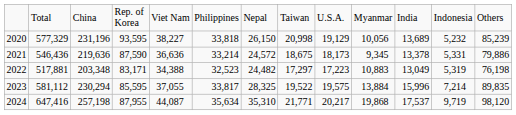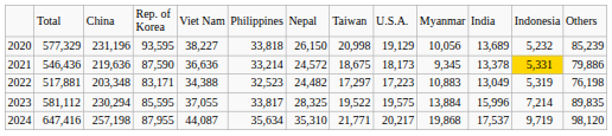 <table class="wikitable">
 <tr>
 <td>　</td>
 <td>Total</td>
 <td>China</td>
 <td>Rep. of<br>Korea</td>
 <td>Viet Nam</td>
 <td>Philippines</td>
 <td>Nepal</td>
 <td>Taiwan</td>
 <td>U.S.A.</td>
 <td>Myanmar</td>
 <td>India</td>
 <td>Indonesia</td>
 <td>Others</td>
 </tr>
 <tr>
 <td>2020</td>
 <td>  577,329</td>
 <td>  231,196</td>
 <td>  93,595</td>
 <td>  38,227</td>
 <td align="right">33,818</td>
 <td>  26,150</td>
 <td>  20,998</td>
 <td>  19,129</td>
 <td>   10,056</td>
 <td>  13,689</td>
 <td>    5,232</td>
 <td>  85,239</td>
 </tr>
 <tr>
 <td>2021</td>
 <td>  546,436</td>
 <td>  219,636</td>
 <td>  87,590</td>
 <td>  36,636</td>
 <td align="right">33,214</td>
 <td>  24,572</td>
 <td>  18,675</td>
 <td>  18,173</td>
 <td>     9,345</td>
 <td>  13,378</td>
-<td>    5,331</td>
+<td style="background: gold;">    5,331</td>
 <td>  79,886</td>
 </tr>
 <tr>
 <td>2022</td>
 <td>  517,881</td>
 <td>  203,348</td>
 <td>  83,171</td>
 <td>  34,388</td>
 <td align="right">32,523</td>
 <td>  24,482</td>
 <td>  17,297</td>
 <td>  17,223</td>
 <td>   10,883</td>
 <td>  13,049</td>
 <td>    5,319</td>
 <td>  76,198</td>
 </tr>
 <tr>
 <td>2023</td>
 <td>  581,112</td>
 <td>  230,294</td>
 <td>  85,595</td>
 <td>  37,055</td>
 <td align="right">33,817</td>
 <td>  28,325</td>
 <td>  19,522</td>
 <td>  19,575</td>
 <td>   13,884</td>
 <td>  15,996</td>
 <td>    7,214</td>
 <td>  89,835</td>
 </tr>
 <tr>
 <td>2024</td>
 <td>  647,416</td>
 <td>  257,198</td>
 <td>  87,955</td>
 <td>  44,087</td>
 <td align="right">35,634</td>
 <td>  35,310</td>
 <td>  21,771</td>
 <td>  20,217</td>
 <td>   19,868</td>
 <td>  17,537</td>
 <td>    9,719</td>
 <td>  98,120</td>
 </tr>
 </table>
